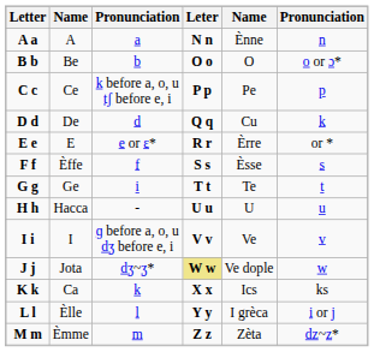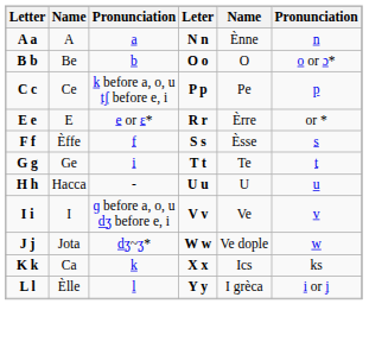 <table class="wikitable" style="text-align: center; display:inline-grid">
 <tr>
 <th>Letter</th>
 <th>Name</th>
 <th>Pronunciation</th>
 <th>Leter</th>
 <th>Name</th>
 <th>Pronunciation</th>
 </tr>
 <tr>
 <td><strong>A a</strong></td>
 <td>A</td>
 <td><a href='#'>a</a></td>
 <td><strong>N n</strong></td>
 <td>Ènne</td>
 <td><a href='#'>n</a></td>
 </tr>
 <tr>
 <td><strong>B b</strong></td>
 <td>Be</td>
 <td><a href='#'>b</a></td>
 <td><strong>O o</strong></td>
 <td>O</td>
 <td><a href='#'>o</a> or <a href='#'>ɔ</a>*</td>
 </tr>
 <tr>
 <td><strong>C c</strong></td>
 <td>Ce</td>
 <td><a href='#'>k</a> before a, o, u<br><a href='#'>tʃ</a> before e, i</td>
 <td><strong>P p</strong></td>
 <td>Pe</td>
 <td><a href='#'>p</a></td>
-</tr>
-<tr>
-<td><strong>D d</strong></td>
-<td>De</td>
-<td><a href='#'>d</a></td>
-<td><strong>Q q</strong></td>
-<td>Cu</td>
-<td><a href='#'>k</a></td>
 </tr>
 <tr>
 <td><strong>E e</strong></td>
 <td>E</td>
 <td><a href='#'>e</a> or <a href='#'>ɛ</a>*</td>
 <td><strong>R r</strong></td>
 <td>Èrre</td>
 <td> or *</td>
 </tr>
 <tr>
 <td><strong>F f</strong></td>
 <td>Èffe</td>
 <td><a href='#'>f</a></td>
 <td><strong>S s</strong></td>
 <td>Èsse</td>
 <td><a href='#'>s</a></td>
 </tr>
 <tr>
 <td><strong>G g</strong></td>
 <td>Ge</td>
 <td><a href='#'>i</a></td>
 <td><strong>T t</strong></td>
 <td>Te</td>
 <td><a href='#'>t</a></td>
 </tr>
 <tr>
 <td><strong>H h</strong></td>
 <td>Hacca</td>
 <td>-</td>
 <td><strong>U u</strong></td>
 <td>U</td>
 <td><a href='#'>u</a></td>
 </tr>
 <tr>
 <td><strong>I i</strong></td>
 <td>I</td>
 <td><a href='#'>ɡ</a> before a, o, u<br><a href='#'>dʒ</a> before e, i</td>
 <td><strong>V v</strong></td>
 <td>Ve</td>
 <td><a href='#'>v</a></td>
 </tr>
 <tr>
 <td><strong>J j</strong></td>
 <td>Jota</td>
 <td><a href='#'>dʒ</a>~<a href='#'>ʒ</a>*</td>
-<td style="background: khaki;"><strong>W w</strong></td>
+<td><strong>W w</strong></td>
 <td>Ve dople</td>
 <td><a href='#'>w</a></td>
 </tr>
 <tr>
 <td><strong>K k</strong></td>
 <td>Ca</td>
 <td><a href='#'>k</a></td>
 <td><strong>X x</strong></td>
 <td>Ics</td>
 <td>ks</td>
 </tr>
 <tr>
 <td><strong>L l</strong></td>
 <td>Èlle</td>
 <td><a href='#'>l</a></td>
 <td><strong>Y y</strong></td>
 <td>I grèca</td>
 <td><a href='#'>i</a> or <a href='#'>j</a></td>
 </tr>
-<tr>
-<td><strong>M m</strong></td>
-<td>Èmme</td>
-<td><a href='#'>m</a></td>
-<td><strong>Z z</strong></td>
-<td>Zèta</td>
-<td><a href='#'>dz</a>~<a href='#'>z</a>*</td>
-</tr>
 </table>
